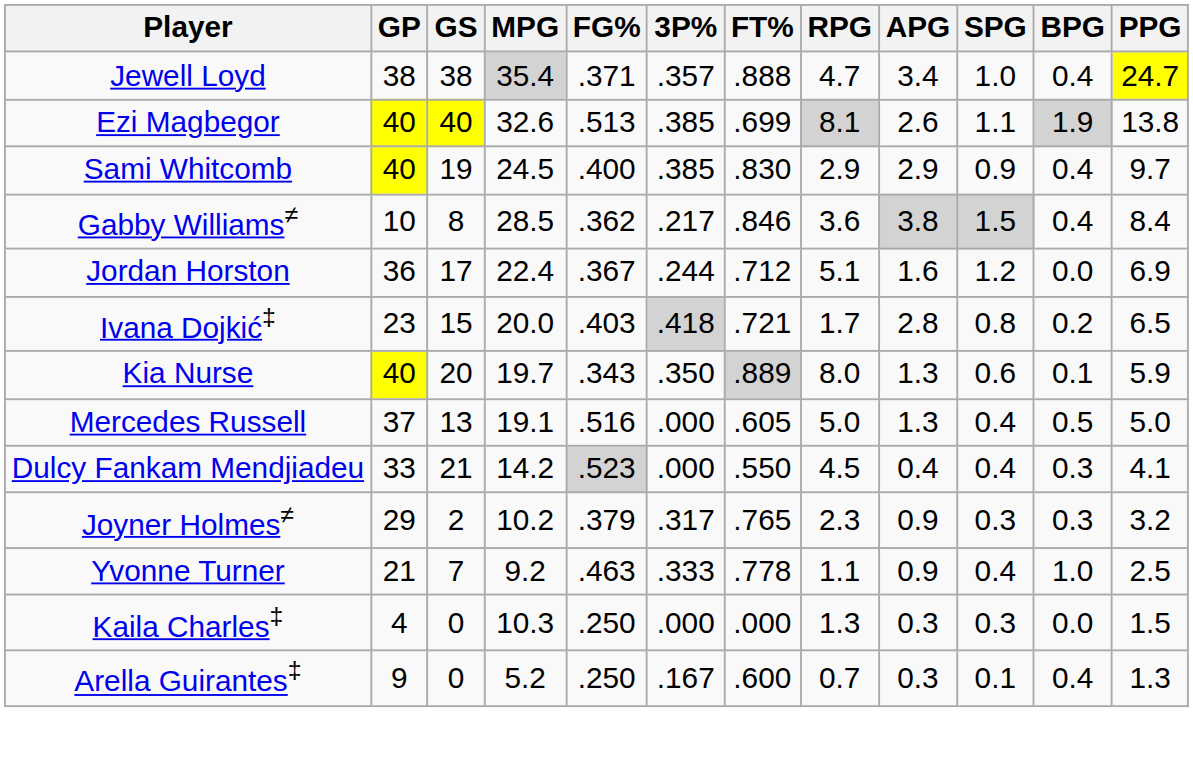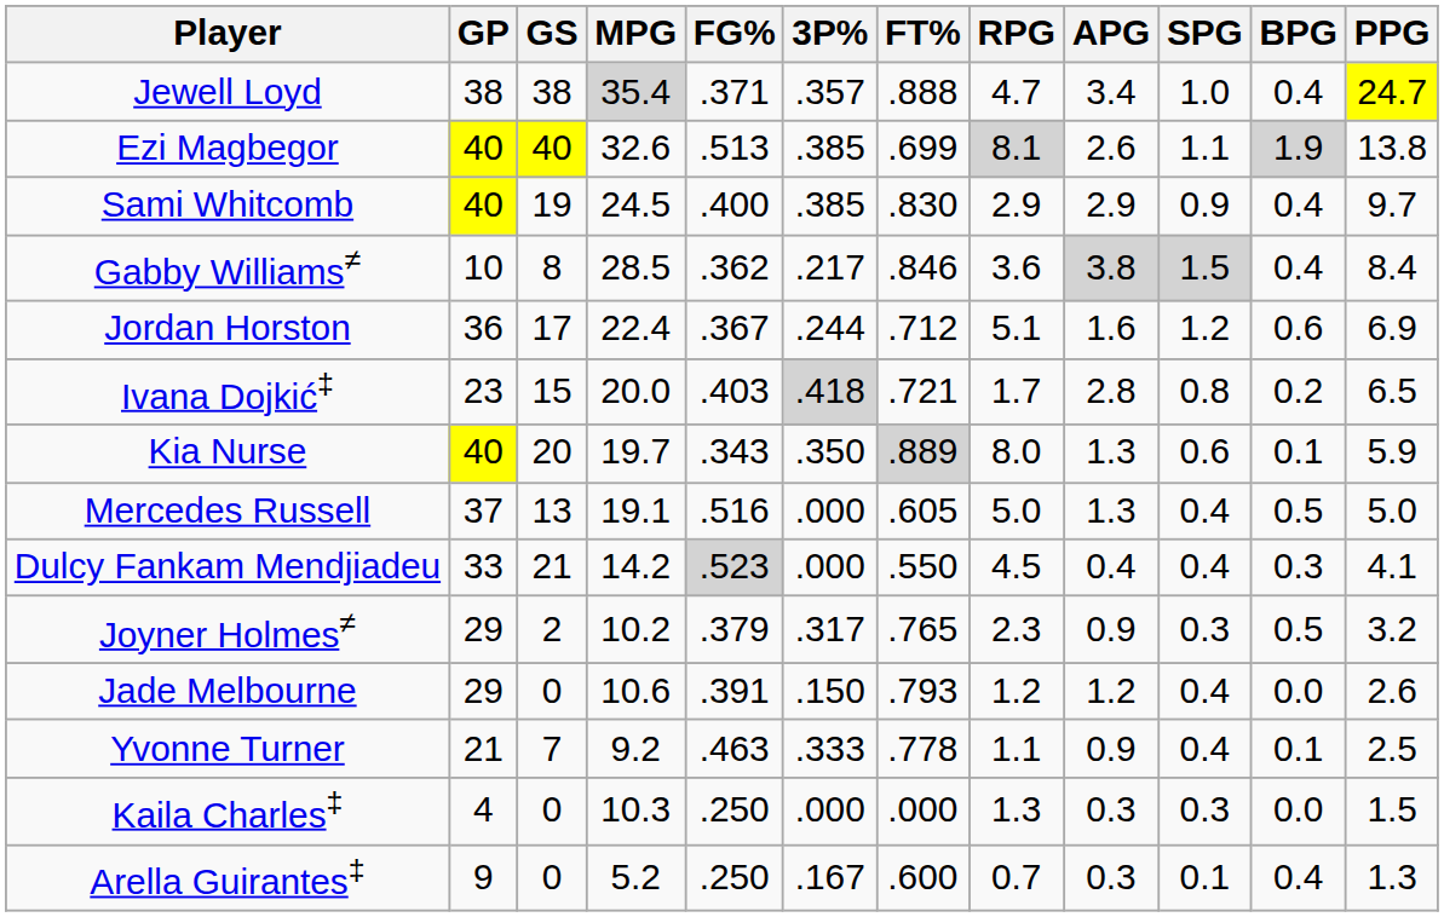 <table class="wikitable sortable" style="text-align:center;">
 <tr>
 <th>Player</th>
 <th>GP</th>
 <th>GS</th>
 <th>MPG</th>
 <th>FG%</th>
 <th>3P%</th>
 <th>FT%</th>
 <th>RPG</th>
 <th>APG</th>
 <th>SPG</th>
 <th>BPG</th>
 <th>PPG</th>
 </tr>
 <tr>
 <td><a href='#'>Jewell Loyd</a></td>
 <td>38</td>
 <td>38</td>
 <td style="background:#D3D3D3;">35.4</td>
 <td>.371</td>
 <td>.357</td>
 <td>.888</td>
 <td>4.7</td>
 <td>3.4</td>
 <td>1.0</td>
 <td>0.4</td>
 <td style="background:yellow;">24.7</td>
 </tr>
 <tr>
 <td><a href='#'>Ezi Magbegor</a></td>
 <td style="background:yellow;">40</td>
 <td style="background:yellow;">40</td>
 <td>32.6</td>
 <td>.513</td>
 <td>.385</td>
 <td>.699</td>
 <td style="background:#D3D3D3;">8.1</td>
 <td>2.6</td>
 <td>1.1</td>
 <td style="background:#D3D3D3;">1.9</td>
 <td>13.8</td>
 </tr>
 <tr>
 <td><a href='#'>Sami Whitcomb</a></td>
 <td style="background:yellow;">40</td>
 <td>19</td>
 <td>24.5</td>
 <td>.400</td>
 <td>.385</td>
 <td>.830</td>
 <td>2.9</td>
 <td>2.9</td>
 <td>0.9</td>
 <td>0.4</td>
 <td>9.7</td>
 </tr>
 <tr>
 <td><a href='#'>Gabby Williams</a><sup>≠</sup></td>
 <td>10</td>
 <td>8</td>
 <td>28.5</td>
 <td>.362</td>
 <td>.217</td>
 <td>.846</td>
 <td>3.6</td>
 <td style="background:#D3D3D3;">3.8</td>
 <td style="background:#D3D3D3;">1.5</td>
 <td>0.4</td>
 <td>8.4</td>
 </tr>
 <tr>
 <td><a href='#'>Jordan Horston</a></td>
 <td>36</td>
 <td>17</td>
 <td>22.4</td>
 <td>.367</td>
 <td>.244</td>
 <td>.712</td>
 <td>5.1</td>
 <td>1.6</td>
 <td>1.2</td>
-<td>0.0</td>
+<td>0.6</td>
 <td>6.9</td>
 </tr>
 <tr>
 <td><a href='#'>Ivana Dojkić</a><sup>‡</sup></td>
 <td>23</td>
 <td>15</td>
 <td>20.0</td>
 <td>.403</td>
 <td style="background:#D3D3D3;">.418</td>
 <td>.721</td>
 <td>1.7</td>
 <td>2.8</td>
 <td>0.8</td>
 <td>0.2</td>
 <td>6.5</td>
 </tr>
 <tr>
 <td><a href='#'>Kia Nurse</a></td>
 <td style="background:yellow;">40</td>
 <td>20</td>
 <td>19.7</td>
 <td>.343</td>
 <td>.350</td>
 <td style="background:#D3D3D3;">.889</td>
 <td>8.0</td>
 <td>1.3</td>
 <td>0.6</td>
 <td>0.1</td>
 <td>5.9</td>
 </tr>
 <tr>
 <td><a href='#'>Mercedes Russell</a></td>
 <td>37</td>
 <td>13</td>
 <td>19.1</td>
 <td>.516</td>
 <td>.000</td>
 <td>.605</td>
 <td>5.0</td>
 <td>1.3</td>
 <td>0.4</td>
 <td>0.5</td>
 <td>5.0</td>
 </tr>
 <tr>
 <td><a href='#'>Dulcy Fankam Mendjiadeu</a></td>
 <td>33</td>
 <td>21</td>
 <td>14.2</td>
 <td style="background:#D3D3D3;">.523</td>
 <td>.000</td>
 <td>.550</td>
 <td>4.5</td>
 <td>0.4</td>
 <td>0.4</td>
 <td>0.3</td>
 <td>4.1</td>
 </tr>
 <tr>
 <td><a href='#'>Joyner Holmes</a><sup>≠</sup></td>
 <td>29</td>
 <td>2</td>
 <td>10.2</td>
 <td>.379</td>
 <td>.317</td>
 <td>.765</td>
 <td>2.3</td>
 <td>0.9</td>
 <td>0.3</td>
-<td>0.3</td>
+<td>0.5</td>
 <td>3.2</td>
+</tr>
+<tr>
+<td><a href='#'>Jade Melbourne</a></td>
+<td>29</td>
+<td>0</td>
+<td>10.6</td>
+<td>.391</td>
+<td>.150</td>
+<td>.793</td>
+<td>1.2</td>
+<td>1.2</td>
+<td>0.4</td>
+<td>0.0</td>
+<td>2.6</td>
 </tr>
 <tr>
 <td><a href='#'>Yvonne Turner</a></td>
 <td>21</td>
 <td>7</td>
 <td>9.2</td>
 <td>.463</td>
 <td>.333</td>
 <td>.778</td>
 <td>1.1</td>
 <td>0.9</td>
 <td>0.4</td>
-<td>1.0</td>
+<td>0.1</td>
 <td>2.5</td>
 </tr>
 <tr>
 <td><a href='#'>Kaila Charles</a><sup>‡</sup></td>
 <td>4</td>
 <td>0</td>
 <td>10.3</td>
 <td>.250</td>
 <td>.000</td>
 <td>.000</td>
 <td>1.3</td>
 <td>0.3</td>
 <td>0.3</td>
 <td>0.0</td>
 <td>1.5</td>
 </tr>
 <tr>
 <td><a href='#'>Arella Guirantes</a><sup>‡</sup></td>
 <td>9</td>
 <td>0</td>
 <td>5.2</td>
 <td>.250</td>
 <td>.167</td>
 <td>.600</td>
 <td>0.7</td>
 <td>0.3</td>
 <td>0.1</td>
 <td>0.4</td>
 <td>1.3</td>
 </tr>
 </table>
